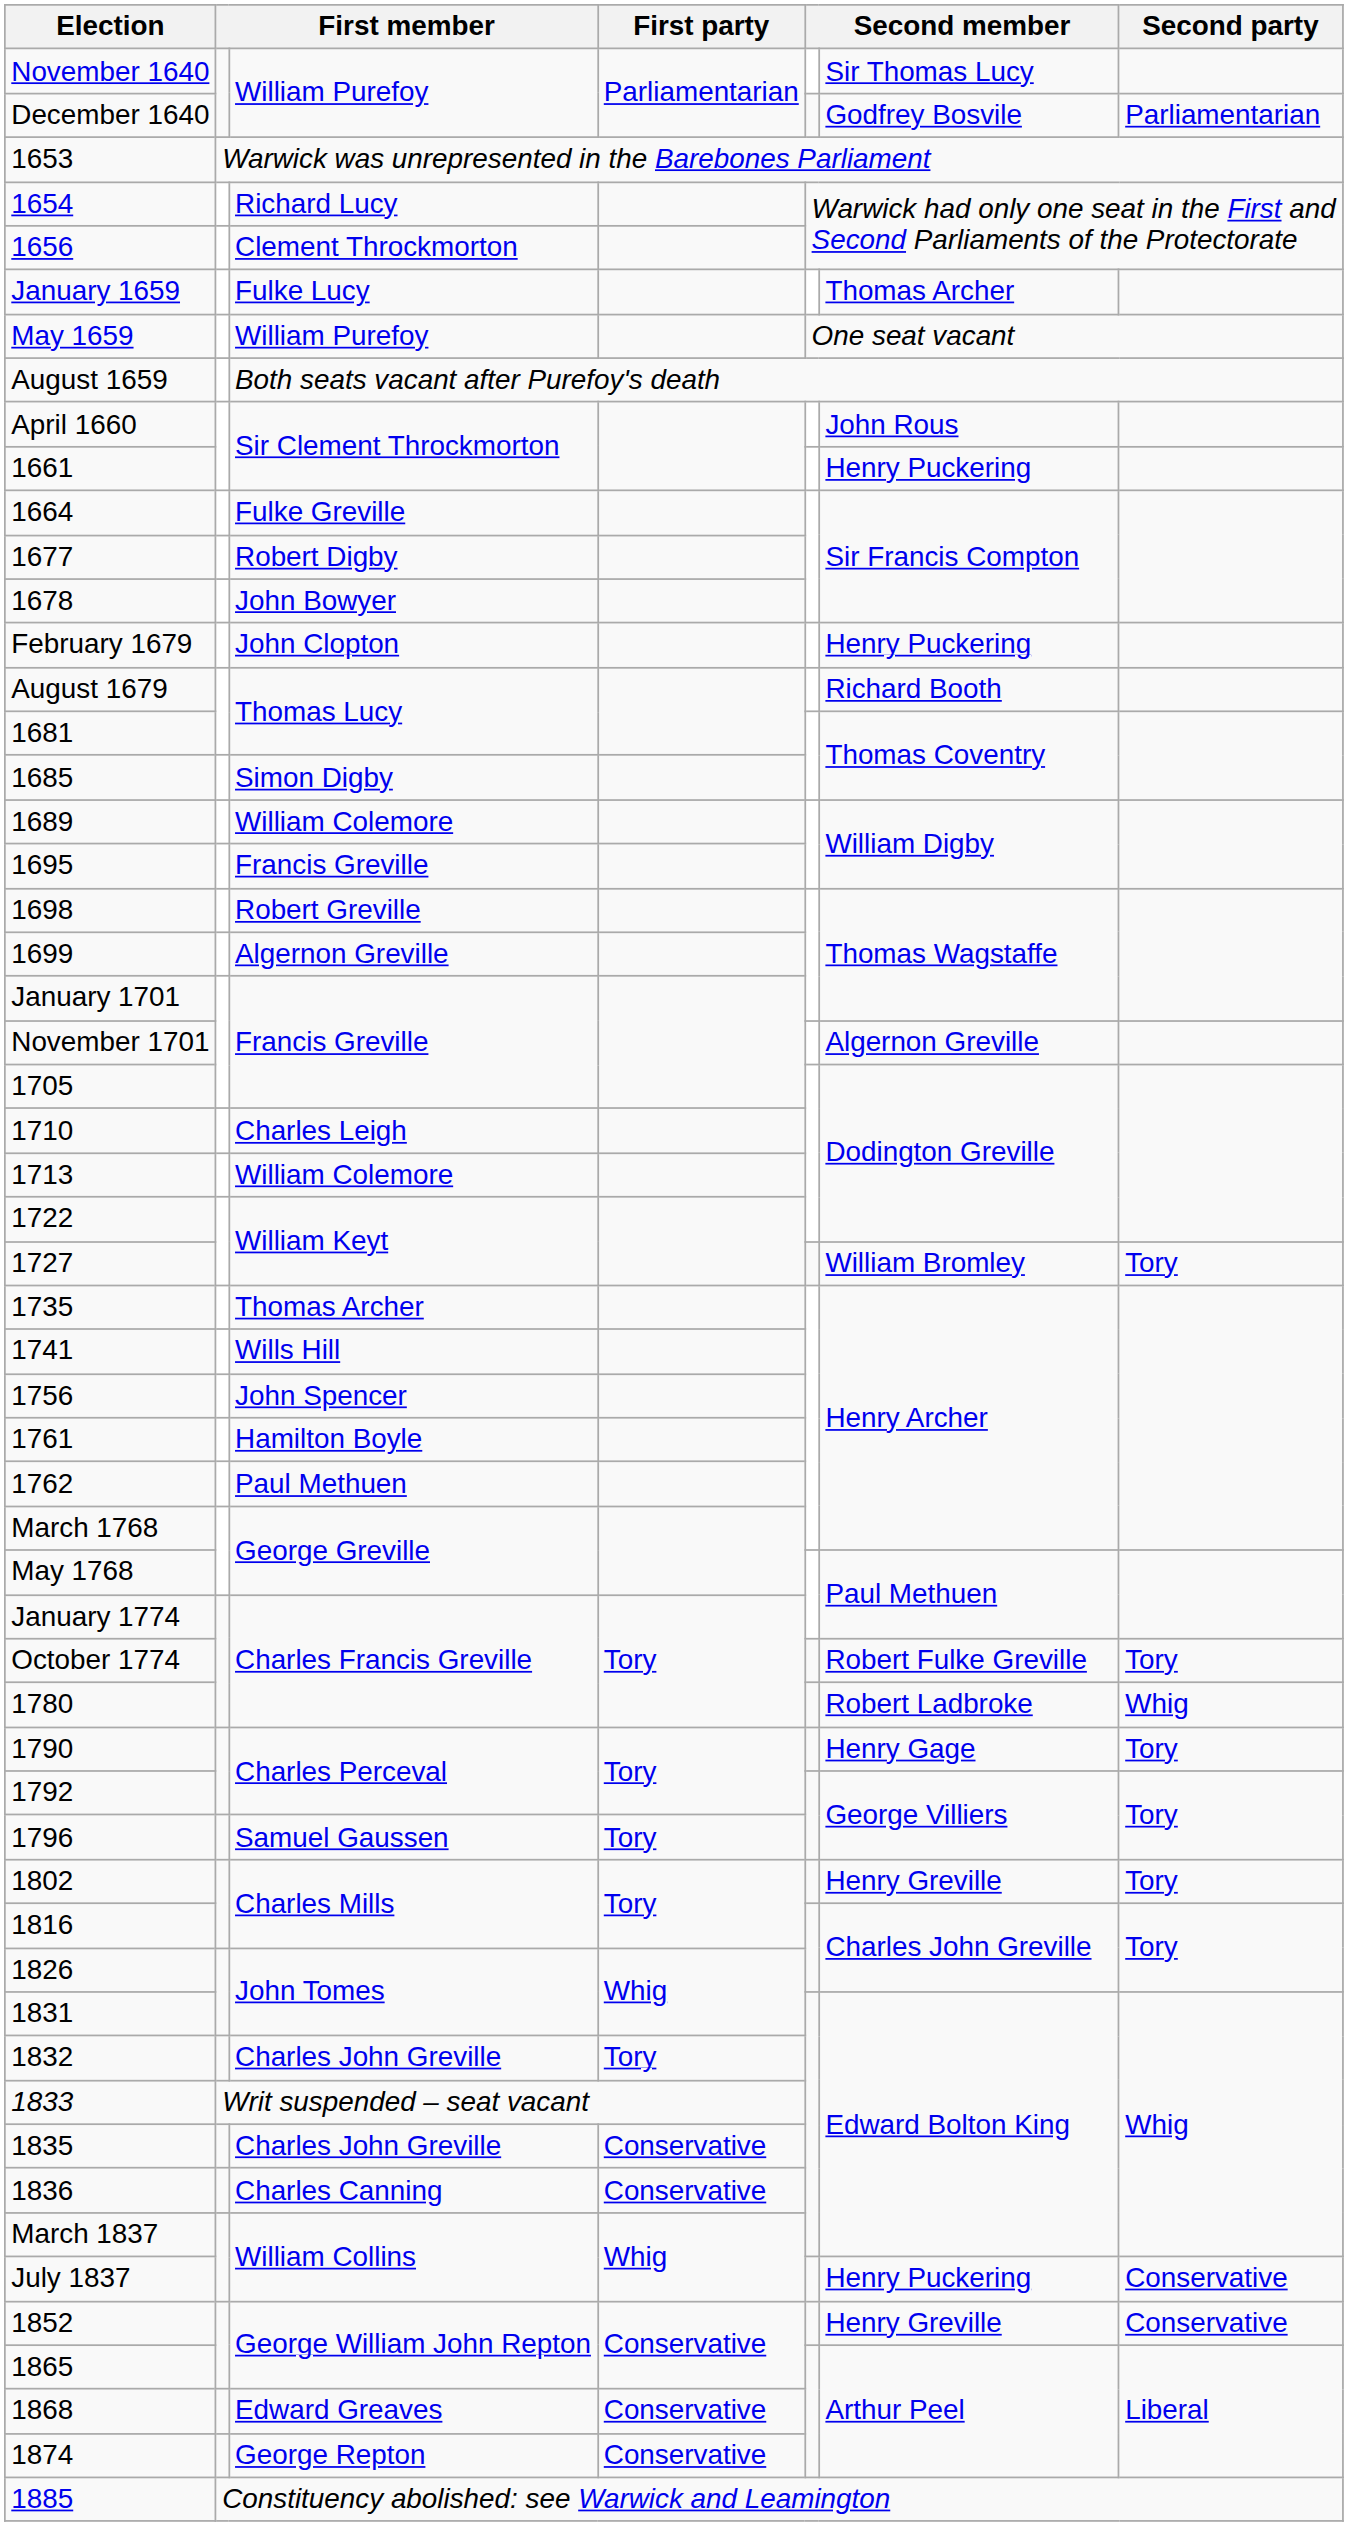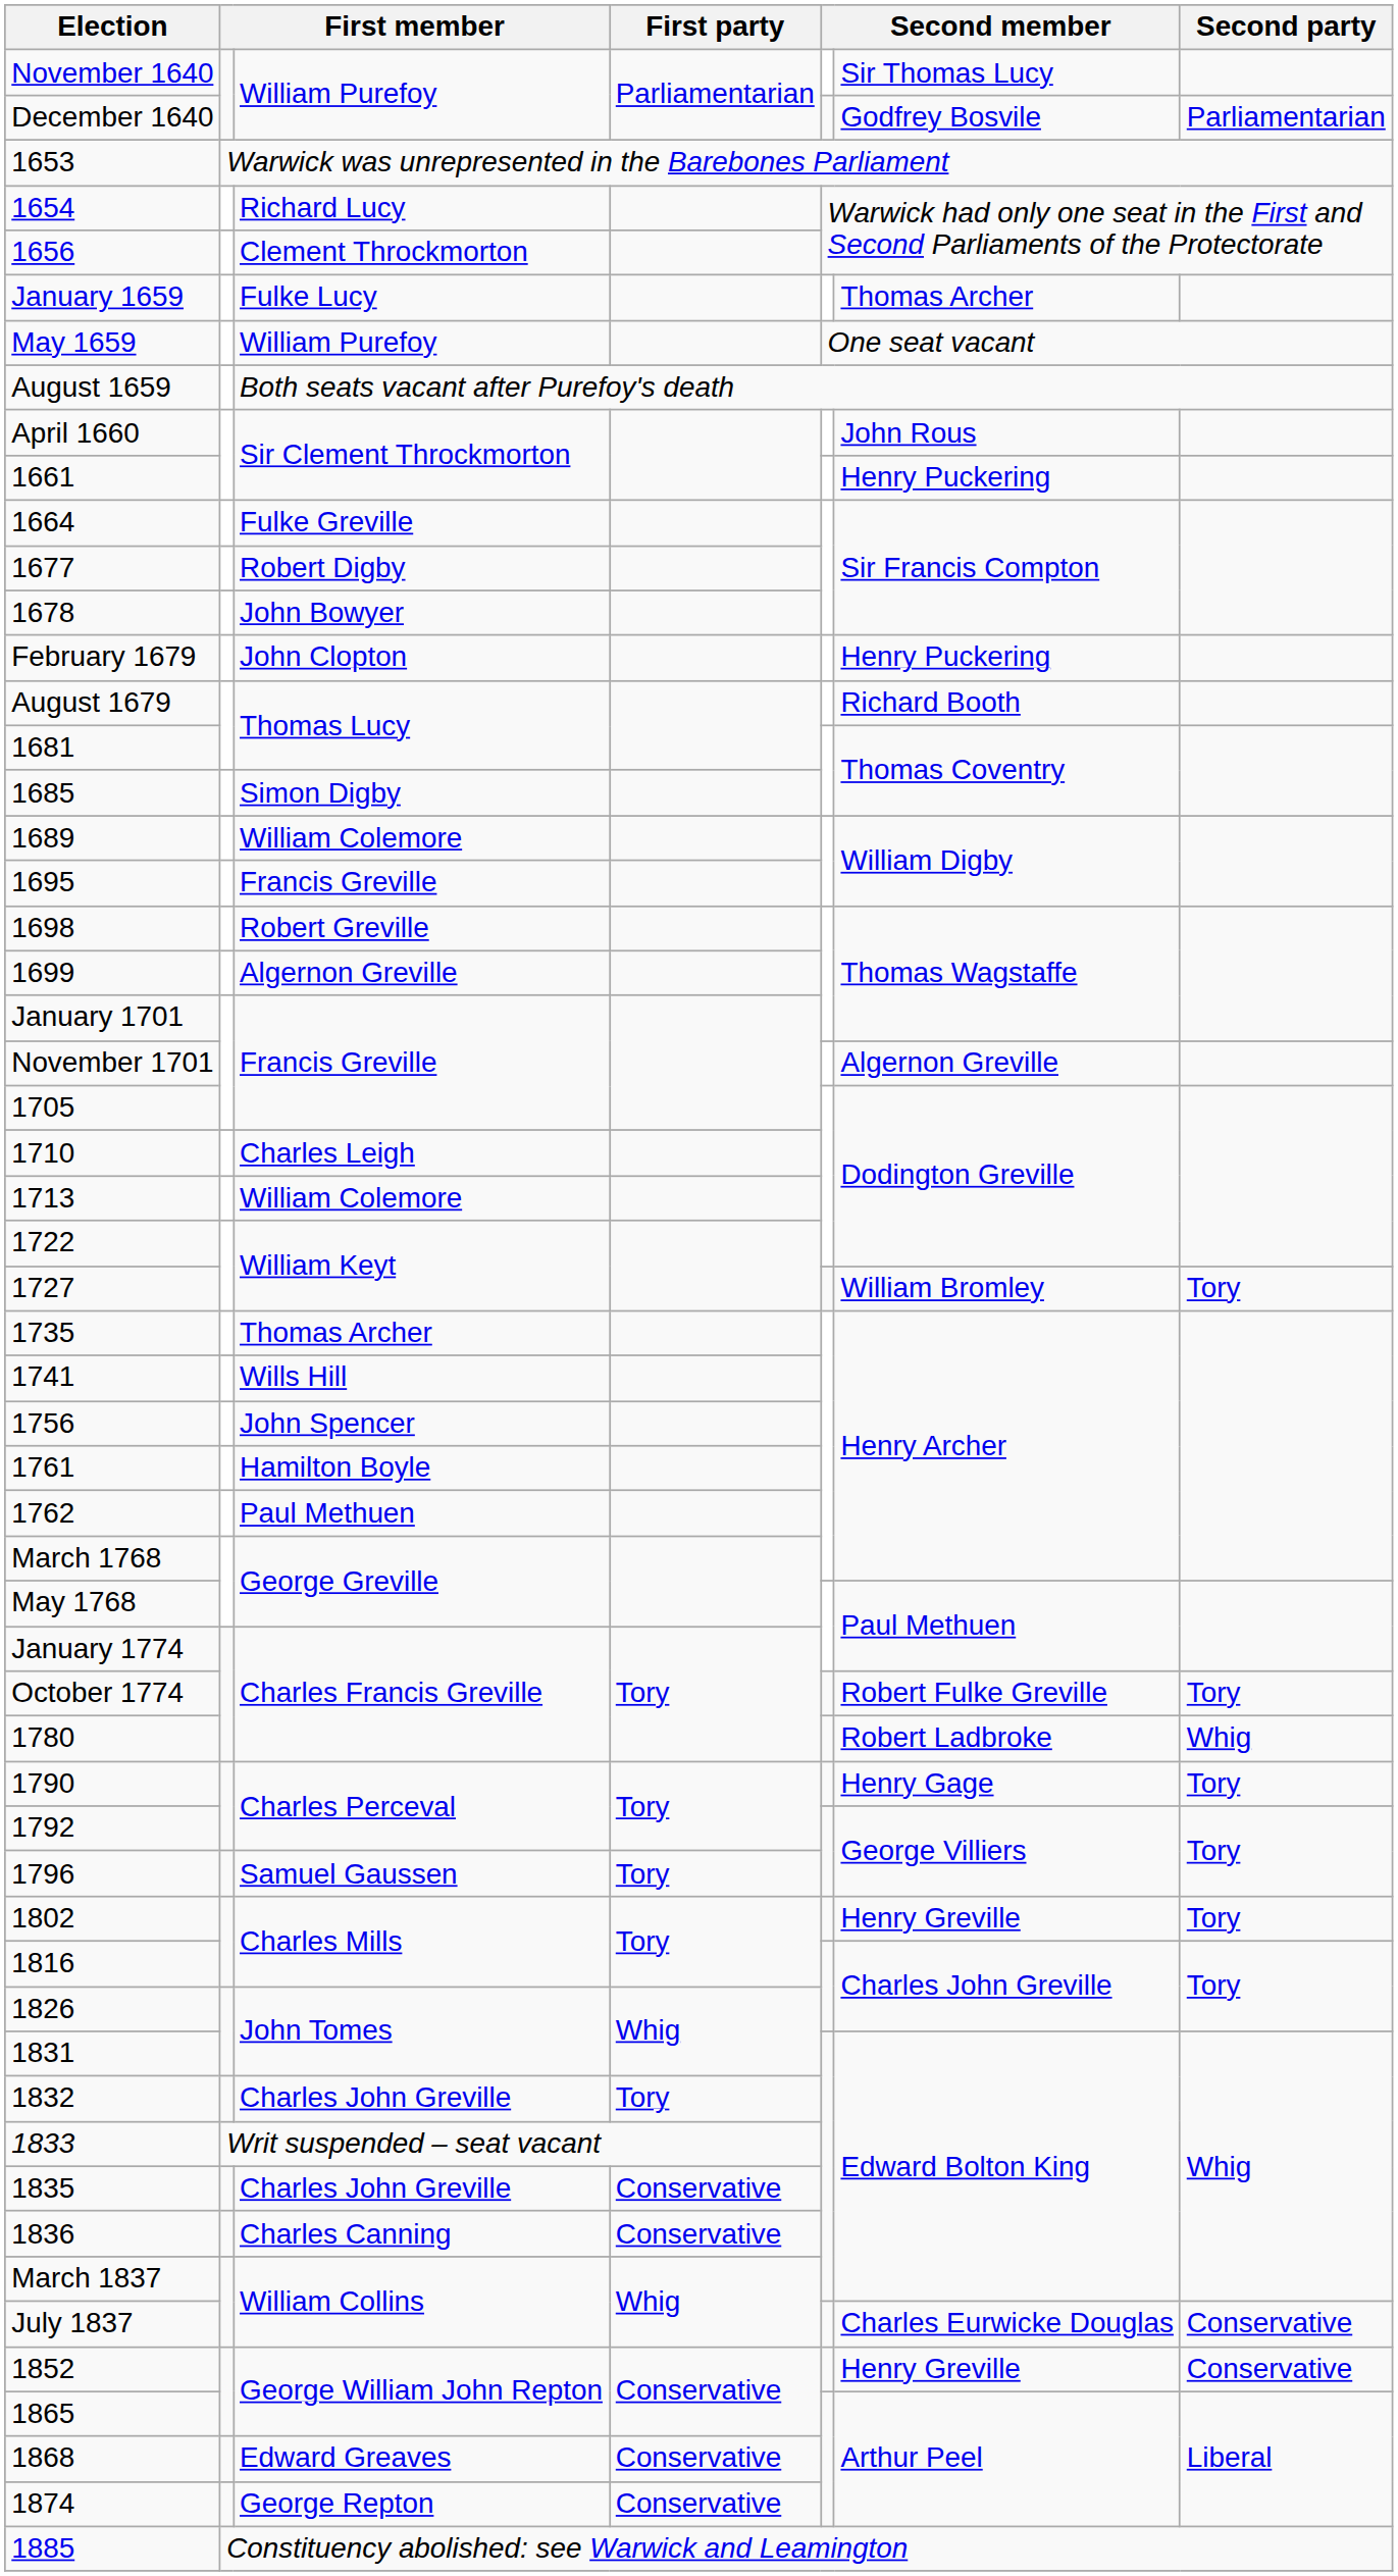 <table class="wikitable">
 <tr>
 <th>Election</th>
 <th colspan="2">First member</th>
 <th>First party</th>
 <th colspan="2">Second member</th>
 <th>Second party</th>
 </tr>
 <tr>
 <td><a href='#'>November 1640</a></td>
 <td rowspan="2" style="color:inherit;background-color: "></td>
 <td rowspan="2"><a href='#'>William Purefoy</a></td>
 <td rowspan="2"><a href='#'>Parliamentarian</a></td>
 <td style="color:inherit;background-color: white"></td>
 <td><a href='#'>Sir Thomas Lucy</a></td>
 <td></td>
 </tr>
 <tr>
 <td>December 1640</td>
 <td style="color:inherit;background-color: "></td>
 <td><a href='#'>Godfrey Bosvile</a></td>
 <td><a href='#'>Parliamentarian</a></td>
 </tr>
 <tr>
 <td>1653</td>
 <td colspan="6"><em>Warwick was unrepresented in the <a href='#'>Barebones Parliament</a></em></td>
 </tr>
 <tr>
 <td><a href='#'>1654</a></td>
 <td style="color:inherit;background-color: white"></td>
 <td><a href='#'>Richard Lucy</a></td>
 <td></td>
 <td rowspan="2" colspan="3"><em>Warwick had only one seat in the <a href='#'>First</a>  and <br><a href='#'>Second</a> Parliaments of the Protectorate</em></td>
 </tr>
 <tr>
 <td><a href='#'>1656</a></td>
 <td style="color:inherit;background-color: white"></td>
 <td><a href='#'>Clement Throckmorton</a></td>
 <td></td>
 </tr>
 <tr>
 <td><a href='#'>January 1659</a></td>
 <td style="color:inherit;background-color: white"></td>
 <td><a href='#'>Fulke Lucy</a></td>
 <td></td>
 <td style="color:inherit;background-color: white"></td>
 <td><a href='#'>Thomas Archer</a></td>
 <td></td>
 </tr>
 <tr>
 <td><a href='#'>May 1659</a></td>
 <td style="color:inherit;background-color: white"></td>
 <td><a href='#'>William Purefoy</a></td>
 <td></td>
 <td colspan="3"><em>One seat vacant</em></td>
 </tr>
 <tr>
 <td>August 1659</td>
 <td style="color:inherit;background-color: white"></td>
 <td colspan="6"><em>Both seats vacant after Purefoy's death</em></td>
 </tr>
 <tr>
 <td>April 1660</td>
 <td rowspan="2" style="color:inherit;background-color: white"></td>
 <td rowspan="2"><a href='#'>Sir Clement Throckmorton</a></td>
 <td rowspan="2"></td>
 <td style="color:inherit;background-color: white"></td>
 <td><a href='#'>John Rous</a></td>
 <td></td>
 </tr>
 <tr>
 <td>1661</td>
 <td style="color:inherit;background-color: white"></td>
 <td><a href='#'>Henry Puckering</a></td>
 <td></td>
 </tr>
 <tr>
 <td>1664</td>
 <td style="color:inherit;background-color: white"></td>
 <td><a href='#'>Fulke Greville</a></td>
 <td></td>
 <td rowspan="3" style="color:inherit;background-color: white"></td>
 <td rowspan="3"><a href='#'>Sir Francis Compton</a></td>
 <td rowspan="3"></td>
 </tr>
 <tr>
 <td>1677</td>
 <td style="color:inherit;background-color: white"></td>
 <td><a href='#'>Robert Digby</a></td>
 <td></td>
 </tr>
 <tr>
 <td>1678</td>
 <td style="color:inherit;background-color: white"></td>
 <td><a href='#'>John Bowyer</a></td>
 <td></td>
 </tr>
 <tr>
 <td>February 1679</td>
 <td style="color:inherit;background-color: white"></td>
 <td><a href='#'>John Clopton</a></td>
 <td></td>
 <td style="color:inherit;background-color: white"></td>
 <td><a href='#'>Henry Puckering</a></td>
 <td></td>
 </tr>
 <tr>
 <td>August 1679</td>
 <td rowspan="2" style="color:inherit;background-color: white"></td>
 <td rowspan="2"><a href='#'>Thomas Lucy</a></td>
 <td rowspan="2"></td>
 <td style="color:inherit;background-color: white"></td>
 <td><a href='#'>Richard Booth</a></td>
 <td></td>
 </tr>
 <tr>
 <td>1681</td>
 <td rowspan="2" style="color:inherit;background-color: white"></td>
 <td rowspan="2"><a href='#'>Thomas Coventry</a></td>
 <td rowspan="2"></td>
 </tr>
 <tr>
 <td>1685</td>
 <td style="color:inherit;background-color: white"></td>
 <td><a href='#'>Simon Digby</a></td>
 <td></td>
 </tr>
 <tr>
 <td>1689</td>
 <td style="color:inherit;background-color: white"></td>
 <td><a href='#'>William Colemore</a></td>
 <td></td>
 <td rowspan="2" style="color:inherit;background-color: white"></td>
 <td rowspan="2"><a href='#'>William Digby</a></td>
 <td rowspan="2"></td>
 </tr>
 <tr>
 <td>1695</td>
 <td style="color:inherit;background-color: white"></td>
 <td><a href='#'>Francis Greville</a></td>
 <td></td>
 </tr>
 <tr>
 <td>1698</td>
 <td style="color:inherit;background-color: white"></td>
 <td><a href='#'>Robert Greville</a></td>
 <td></td>
 <td rowspan="3" style="color:inherit;background-color: white"></td>
 <td rowspan="3"><a href='#'>Thomas Wagstaffe</a></td>
 <td rowspan="3"></td>
 </tr>
 <tr>
 <td>1699</td>
 <td style="color:inherit;background-color: white"></td>
 <td><a href='#'>Algernon Greville</a></td>
 <td></td>
 </tr>
 <tr>
 <td>January 1701</td>
 <td rowspan="3" style="color:inherit;background-color: white"></td>
 <td rowspan="3"><a href='#'>Francis Greville</a></td>
 <td rowspan="3"></td>
 </tr>
 <tr>
 <td>November 1701</td>
 <td style="color:inherit;background-color: white"></td>
 <td><a href='#'>Algernon Greville</a></td>
 <td></td>
 </tr>
 <tr>
 <td>1705</td>
 <td rowspan="4" style="color:inherit;background-color: white"></td>
 <td rowspan="4"><a href='#'>Dodington Greville</a></td>
 <td rowspan="4"></td>
 </tr>
 <tr>
 <td>1710</td>
 <td style="color:inherit;background-color: white"></td>
 <td><a href='#'>Charles Leigh</a></td>
 <td></td>
 </tr>
 <tr>
 <td>1713</td>
 <td style="color:inherit;background-color: white"></td>
 <td><a href='#'>William Colemore</a></td>
 <td></td>
 </tr>
 <tr>
 <td>1722</td>
 <td rowspan="2" style="color:inherit;background-color: white"></td>
 <td rowspan="2"><a href='#'>William Keyt</a></td>
 <td rowspan="2"></td>
 </tr>
 <tr>
 <td>1727</td>
 <td style="color:inherit;background-color: "></td>
 <td><a href='#'>William Bromley</a></td>
 <td><a href='#'>Tory</a></td>
 </tr>
 <tr>
 <td>1735</td>
 <td style="color:inherit;background-color: white"></td>
 <td><a href='#'>Thomas Archer</a></td>
 <td></td>
 <td rowspan="6" style="color:inherit;background-color: white"></td>
 <td rowspan="6"><a href='#'>Henry Archer</a></td>
 <td rowspan="6"></td>
 </tr>
 <tr>
 <td>1741</td>
 <td style="color:inherit;background-color: white"></td>
 <td><a href='#'>Wills Hill</a></td>
 <td></td>
 </tr>
 <tr>
 <td>1756</td>
 <td style="color:inherit;background-color: white"></td>
 <td><a href='#'>John Spencer</a></td>
 <td></td>
 </tr>
 <tr>
 <td>1761</td>
 <td style="color:inherit;background-color: white"></td>
 <td><a href='#'>Hamilton Boyle</a></td>
 <td></td>
 </tr>
 <tr>
 <td>1762</td>
 <td style="color:inherit;background-color: white"></td>
 <td><a href='#'>Paul Methuen</a></td>
 <td></td>
 </tr>
 <tr>
 <td>March 1768</td>
 <td rowspan="2" style="color:inherit;background-color: white"></td>
 <td rowspan="2"><a href='#'>George Greville</a></td>
 <td rowspan="2"></td>
 </tr>
 <tr>
 <td>May 1768</td>
 <td rowspan="2" style="color:inherit;background-color: white"></td>
 <td rowspan="2"><a href='#'>Paul Methuen</a></td>
 <td rowspan="2"></td>
 </tr>
 <tr>
 <td>January 1774</td>
 <td rowspan="3" style="color:inherit;background-color: "></td>
 <td rowspan="3"><a href='#'>Charles Francis Greville</a></td>
 <td rowspan="3"><a href='#'>Tory</a></td>
 </tr>
 <tr>
 <td>October 1774</td>
 <td style="color:inherit;background-color: "></td>
 <td><a href='#'>Robert Fulke Greville</a></td>
 <td><a href='#'>Tory</a></td>
 </tr>
 <tr>
 <td>1780</td>
 <td style="color:inherit;background-color: "></td>
 <td><a href='#'>Robert Ladbroke</a></td>
 <td><a href='#'>Whig</a></td>
 </tr>
 <tr>
 <td>1790</td>
 <td rowspan="2" style="color:inherit;background-color: "></td>
 <td rowspan="2"><a href='#'>Charles Perceval</a></td>
 <td rowspan="2"><a href='#'>Tory</a></td>
 <td style="color:inherit;background-color: "></td>
 <td><a href='#'>Henry Gage</a></td>
 <td><a href='#'>Tory</a></td>
 </tr>
 <tr>
 <td>1792</td>
 <td rowspan="2" style="color:inherit;background-color: "></td>
 <td rowspan="2"><a href='#'>George Villiers</a></td>
 <td rowspan="2"><a href='#'>Tory</a></td>
 </tr>
 <tr>
 <td>1796</td>
 <td style="color:inherit;background-color: "></td>
 <td><a href='#'>Samuel Gaussen</a></td>
 <td><a href='#'>Tory</a></td>
 </tr>
 <tr>
 <td>1802</td>
 <td rowspan="2" style="color:inherit;background-color: "></td>
 <td rowspan="2"><a href='#'>Charles Mills</a></td>
 <td rowspan="2"><a href='#'>Tory</a></td>
 <td style="color:inherit;background-color: "></td>
 <td><a href='#'>Henry Greville</a></td>
 <td><a href='#'>Tory</a></td>
 </tr>
 <tr>
 <td>1816</td>
 <td rowspan="2" style="color:inherit;background-color: "></td>
 <td rowspan="2"><a href='#'>Charles John Greville</a></td>
 <td rowspan="2"><a href='#'>Tory</a></td>
 </tr>
 <tr>
 <td>1826</td>
 <td rowspan="2" style="color:inherit;background-color: "></td>
 <td rowspan="2"><a href='#'>John Tomes</a></td>
 <td rowspan="2"><a href='#'>Whig</a></td>
 </tr>
 <tr>
 <td>1831</td>
 <td rowspan="6" style="color:inherit;background-color: "></td>
 <td rowspan="6"><a href='#'>Edward Bolton King</a></td>
 <td rowspan="6"><a href='#'>Whig</a></td>
 </tr>
 <tr>
 <td>1832</td>
 <td style="color:inherit;background-color: "></td>
 <td><a href='#'>Charles John Greville</a></td>
 <td><a href='#'>Tory</a></td>
 </tr>
 <tr>
 <td><em>1833</em></td>
 <td colspan="3"><em>Writ suspended – seat vacant</em></td>
 </tr>
 <tr>
 <td>1835</td>
 <td style="color:inherit;background-color: "></td>
 <td><a href='#'>Charles John Greville</a></td>
 <td><a href='#'>Conservative</a></td>
 </tr>
 <tr>
 <td>1836</td>
 <td style="color:inherit;background-color: "></td>
 <td><a href='#'>Charles Canning</a></td>
 <td><a href='#'>Conservative</a></td>
 </tr>
 <tr>
 <td>March 1837</td>
 <td rowspan="2" style="color:inherit;background-color: "></td>
 <td rowspan="2"><a href='#'>William Collins</a></td>
 <td rowspan="2"><a href='#'>Whig</a></td>
 </tr>
 <tr>
 <td>July 1837</td>
 <td style="color:inherit;background-color: "></td>
-<td><a href='#'>Henry Puckering</a></td>
+<td><a href='#'>Charles Eurwicke Douglas</a></td>
 <td><a href='#'>Conservative</a></td>
 </tr>
 <tr>
 <td>1852</td>
 <td rowspan="2" style="color:inherit;background-color: "></td>
 <td rowspan="2"><a href='#'>George William John Repton</a></td>
 <td rowspan="2"><a href='#'>Conservative</a></td>
 <td style="color:inherit;background-color: "></td>
 <td><a href='#'>Henry Greville</a></td>
 <td><a href='#'>Conservative</a></td>
 </tr>
 <tr>
 <td>1865</td>
 <td rowspan="3" style="color:inherit;background-color: "></td>
 <td rowspan="3"><a href='#'>Arthur Peel</a></td>
 <td rowspan="3"><a href='#'>Liberal</a></td>
 </tr>
 <tr>
 <td>1868</td>
 <td style="color:inherit;background-color: "></td>
 <td><a href='#'>Edward Greaves</a></td>
 <td><a href='#'>Conservative</a></td>
 </tr>
 <tr>
 <td>1874</td>
 <td style="color:inherit;background-color: "></td>
 <td><a href='#'>George Repton</a></td>
 <td><a href='#'>Conservative</a></td>
 </tr>
 <tr>
 <td><a href='#'>1885</a></td>
 <td colspan="6"><em>Constituency abolished: see <a href='#'>Warwick and Leamington</a></em></td>
 </tr>
 </table>
